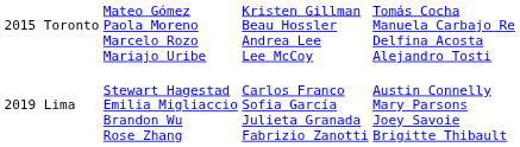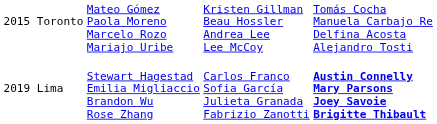 <table>
 <tr>
 <td>2015 Toronto<br></td>
 <td><br><a href='#'>Mateo Gómez</a><br><a href='#'>Paola Moreno</a><br><a href='#'>Marcelo Rozo</a><br><a href='#'>Mariajo Uribe</a></td>
 <td><br><a href='#'>Kristen Gillman</a><br><a href='#'>Beau Hossler</a><br><a href='#'>Andrea Lee</a><br><a href='#'>Lee McCoy</a></td>
 <td><br><a href='#'>Tomás Cocha</a><br><a href='#'>Manuela Carbajo Re</a><br><a href='#'>Delfina Acosta</a><br><a href='#'>Alejandro Tosti</a></td>
 </tr>
 <tr>
 <td>2019 Lima<br></td>
 <td><br><a href='#'>Stewart Hagestad</a><br><a href='#'>Emilia Migliaccio</a><br><a href='#'>Brandon Wu</a><br><a href='#'>Rose Zhang</a></td>
 <td><br><a href='#'>Carlos Franco</a><br><a href='#'>Sofia García</a><br><a href='#'>Julieta Granada</a><br><a href='#'>Fabrizio Zanotti</a></td>
-<td><br><a href='#'>Austin Connelly</a><br><a href='#'>Mary Parsons</a><br><a href='#'>Joey Savoie</a><br><a href='#'>Brigitte Thibault</a></td>
+<td><strong><br><a href='#'>Austin Connelly</a><br><a href='#'>Mary Parsons</a><br><a href='#'>Joey Savoie</a><br><a href='#'>Brigitte Thibault</a></strong></td>
 </tr>
 </table>
